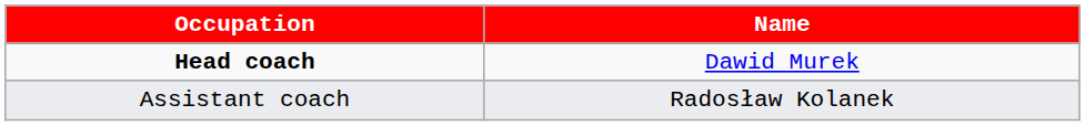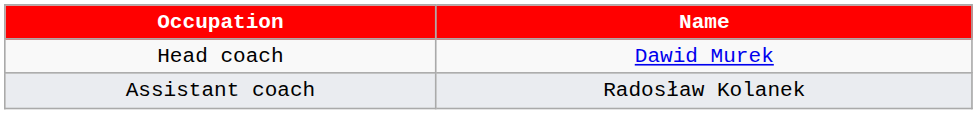 <table class="wikitable" style="font-size:100%; text-align:center">
 <tr>
 <th style="color:#ffffff; background-color:#ff0000; width:20em">Occupation</th>
 <th colspan="2" style="color:#ffffff; background-color:#ff0000; width:25em">Name</th>
 </tr>
 <tr>
-<td><strong>Head coach</strong></td>
+<td>Head coach</td>
 <td colspan="2"> <a href='#'>Dawid Murek</a></td>
 </tr>
 <tr style="background:#EAECF0">
 <td>Assistant coach</td>
 <td colspan="2"> Radosław Kolanek</td>
 </tr>
 </table>
